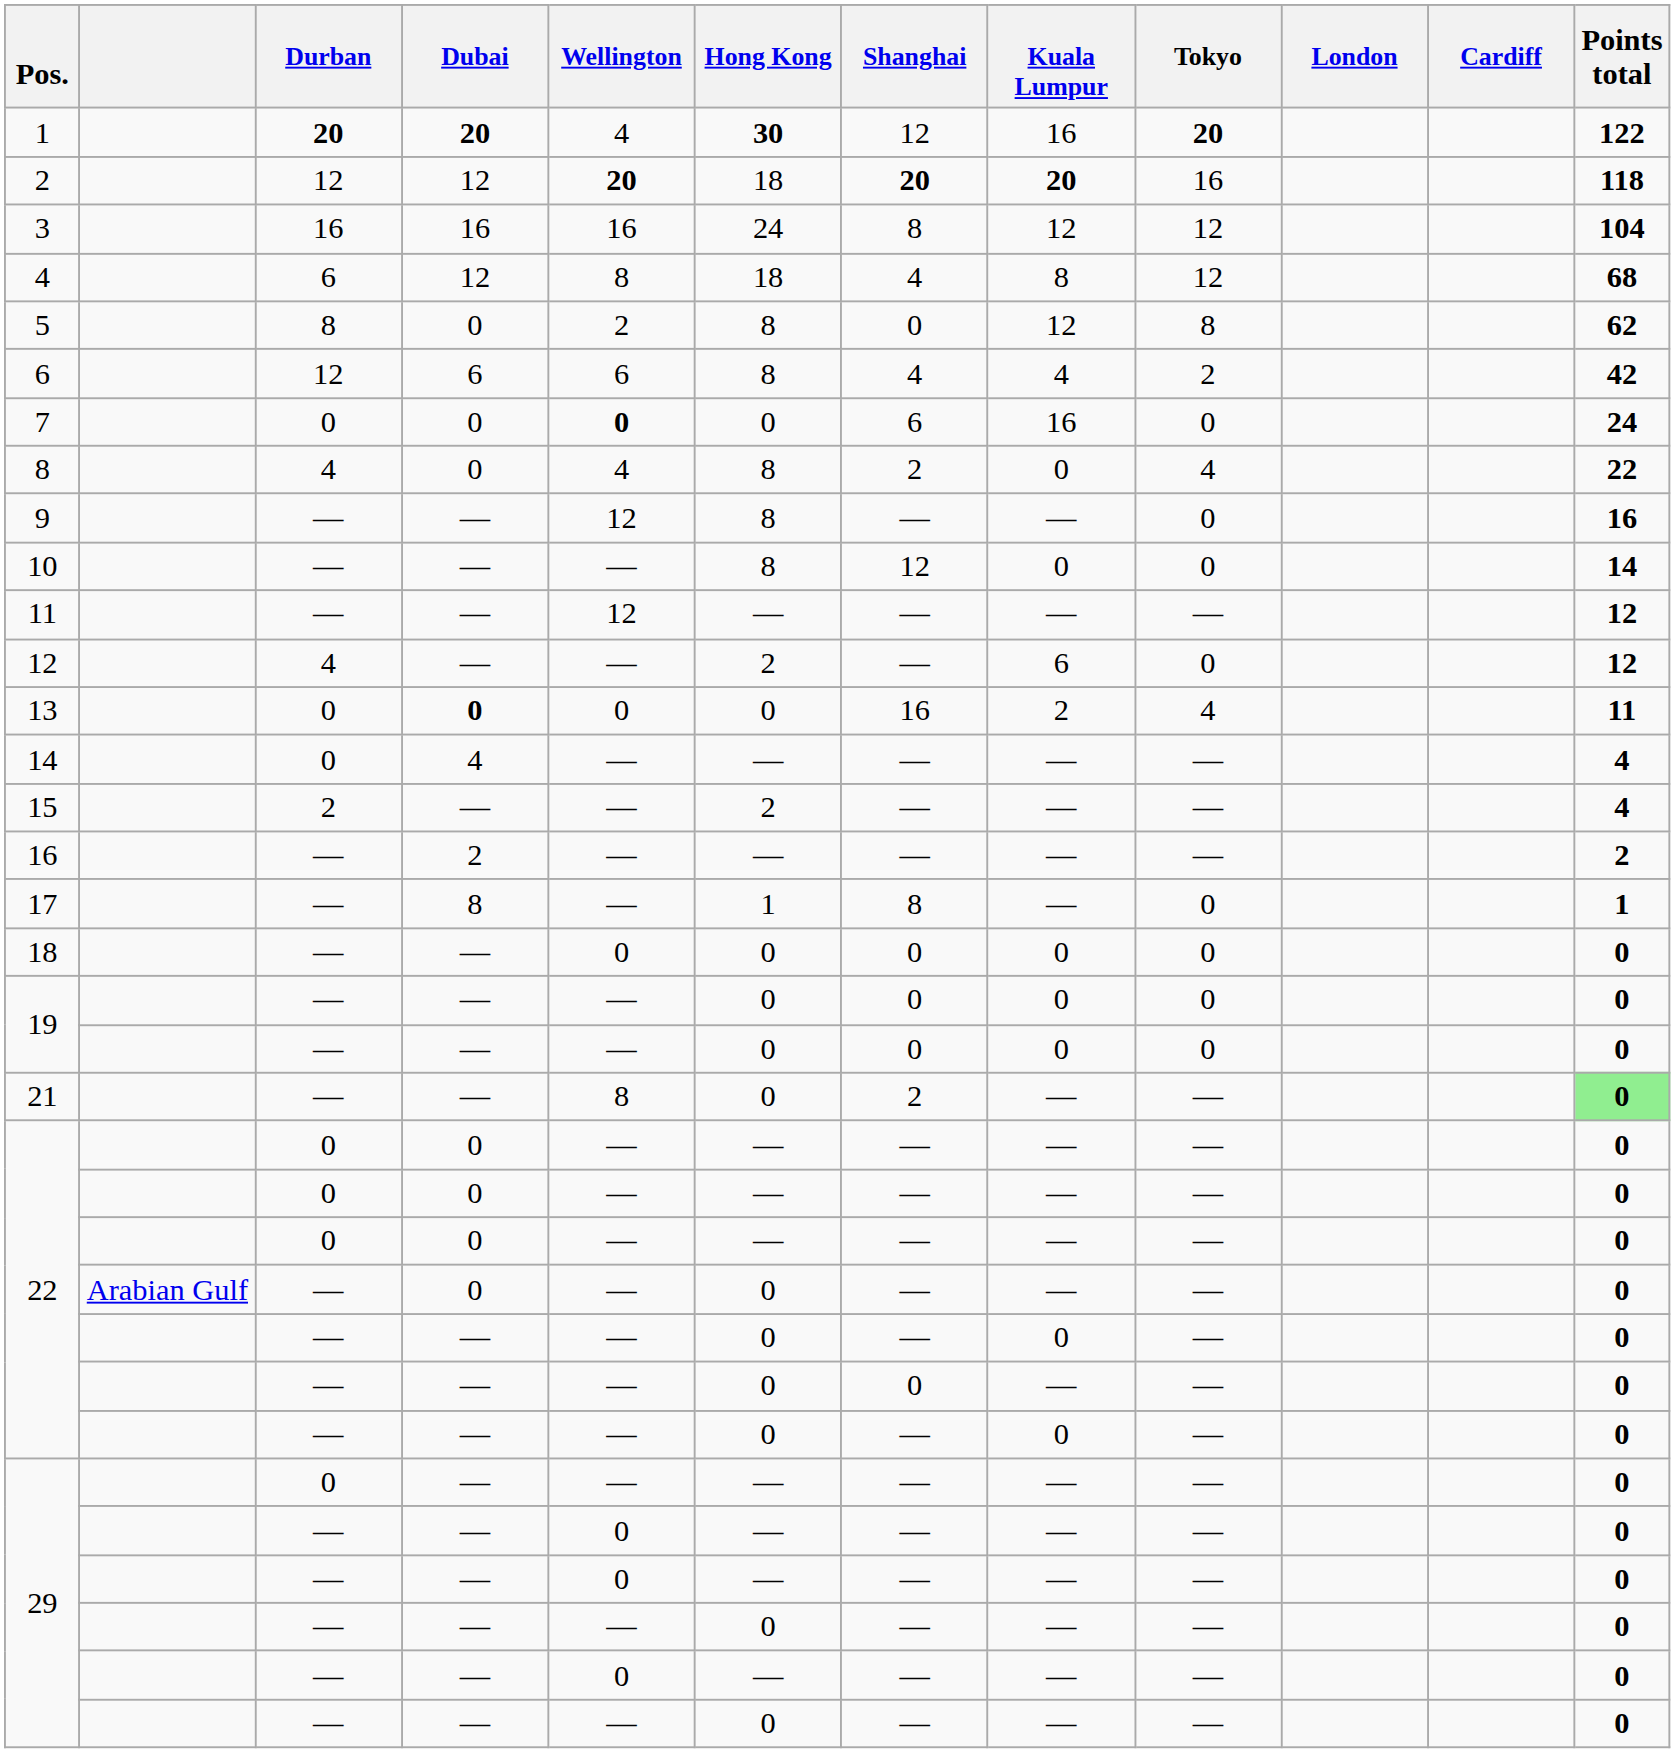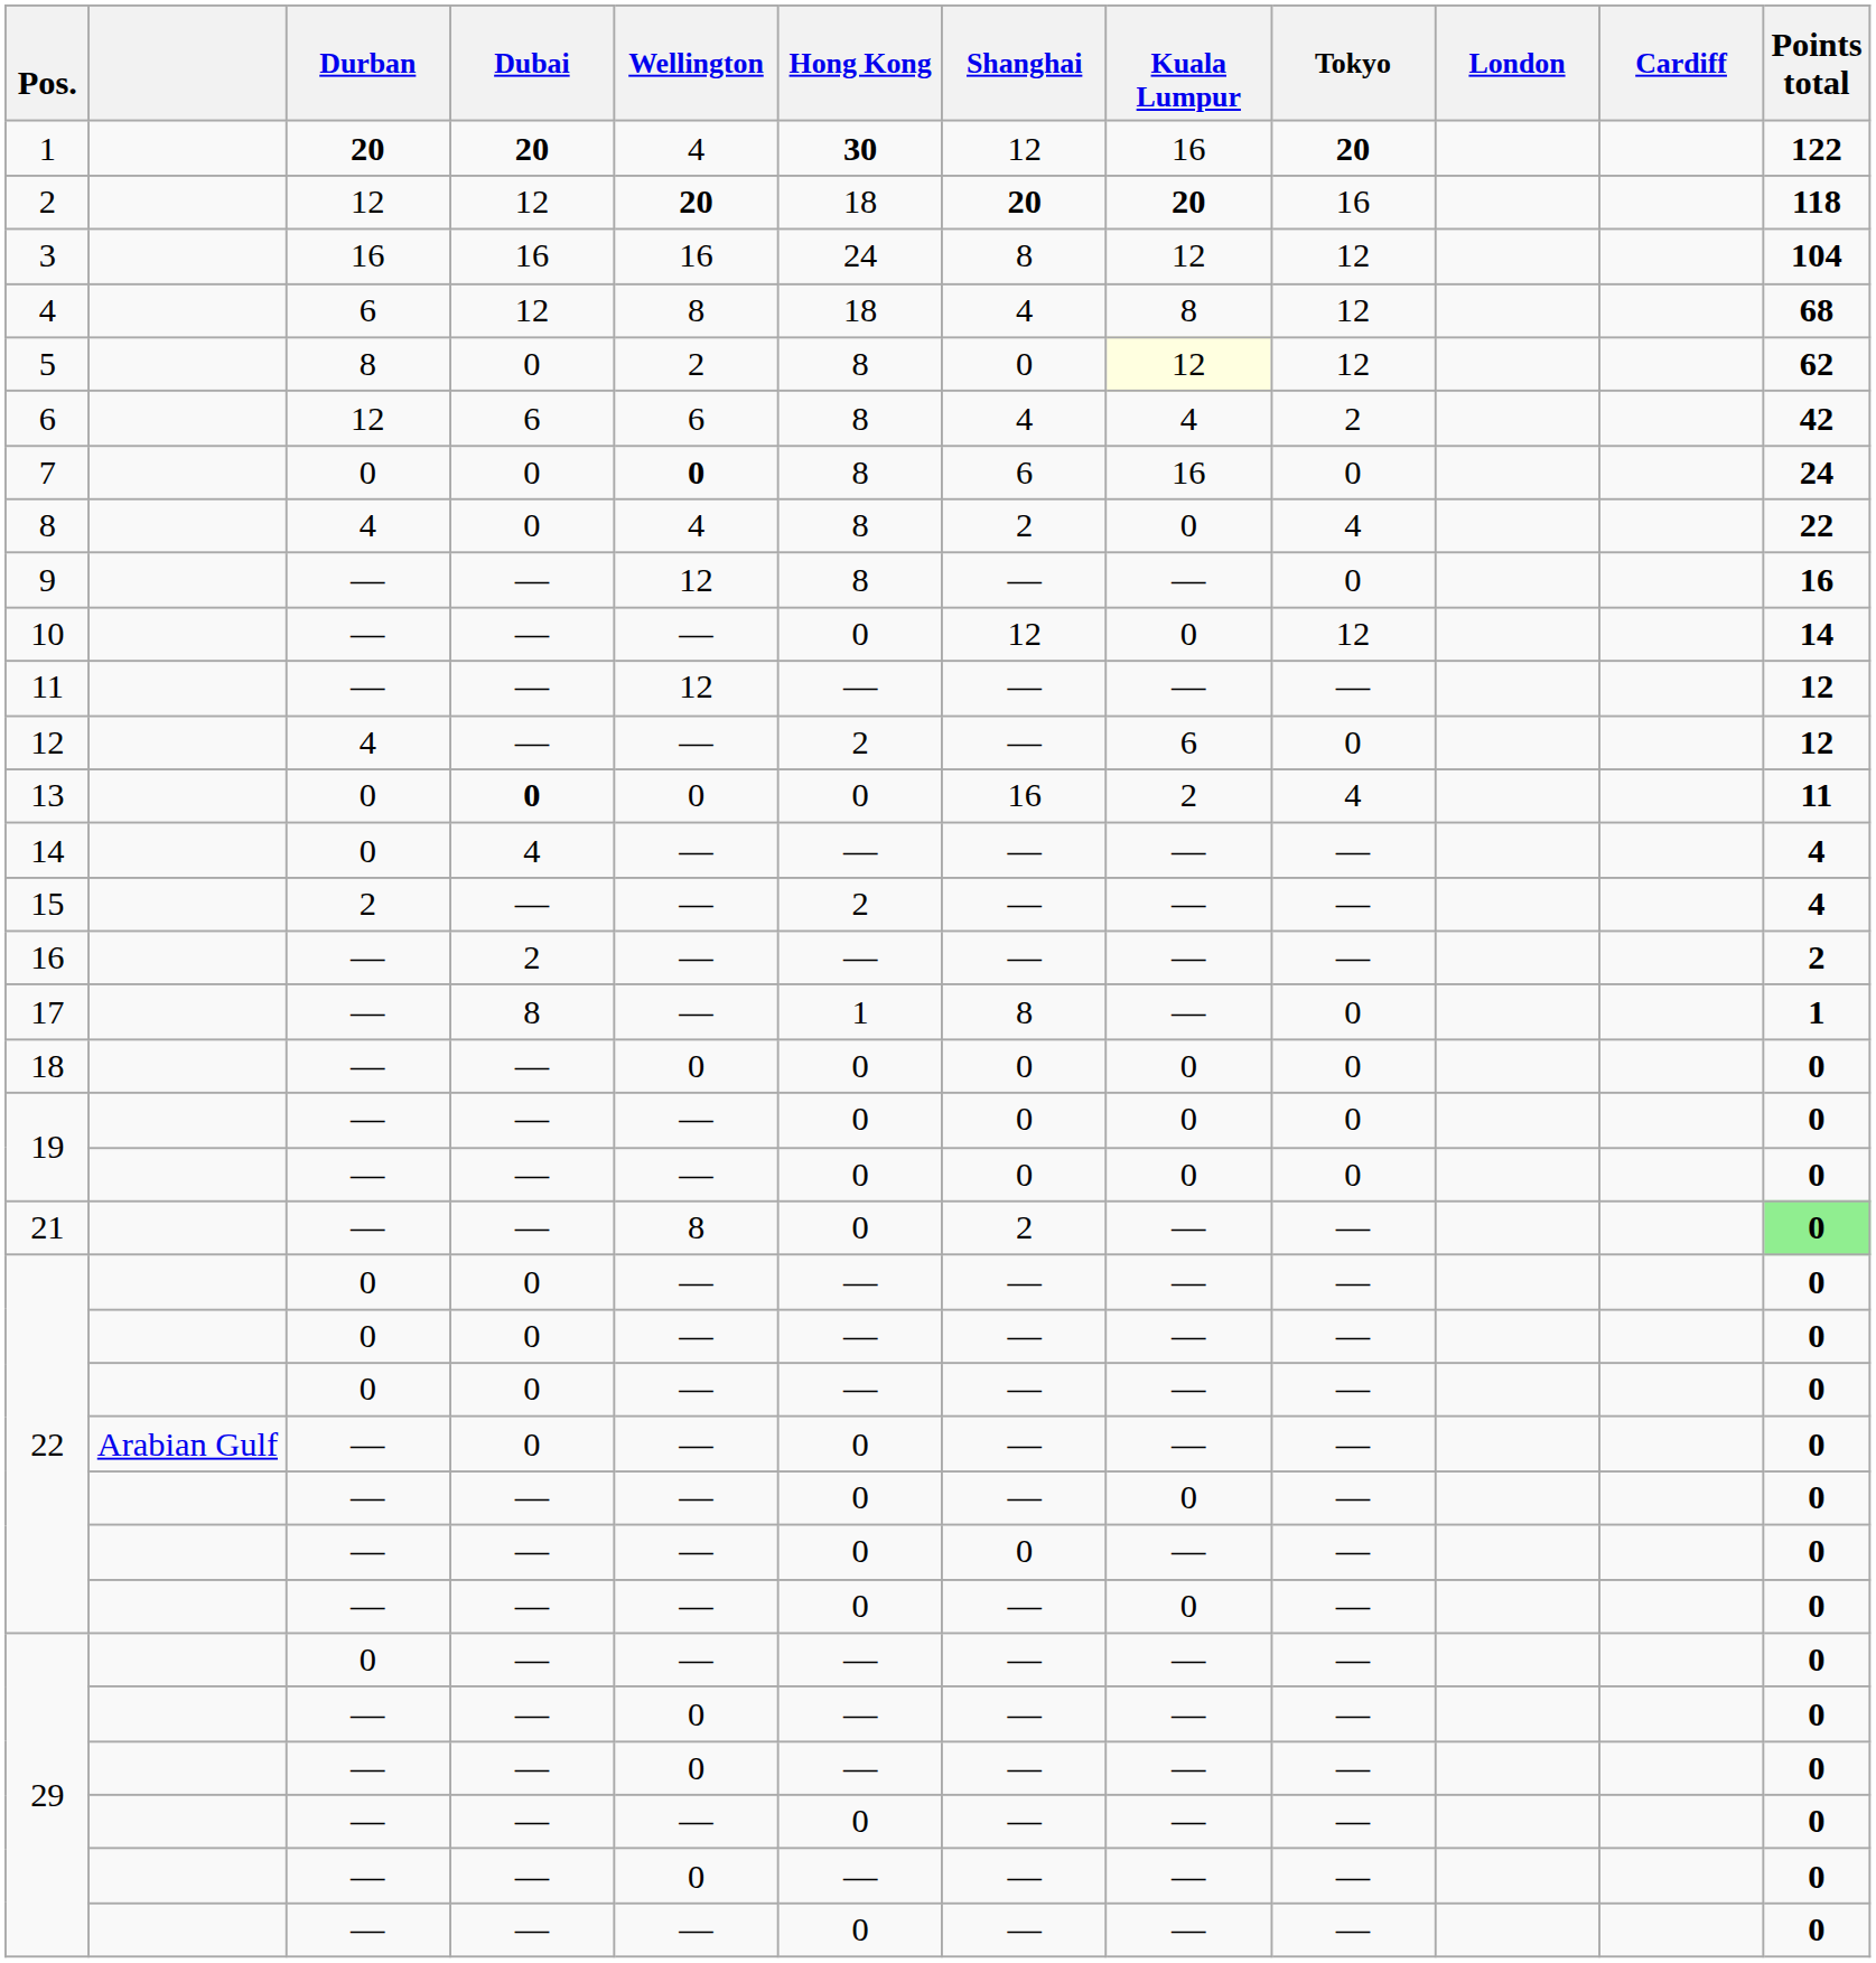 <table class="wikitable" style="text-align:center;">
 <tr>
 <th style="width:2em;"><br>Pos.</th>
 <th></th>
 <th style="width:5.2em; vertical-align:top; font-size:85%;"><br><a href='#'>Durban</a></th>
 <th style="width:5.2em; vertical-align:top; font-size:85%;"><br><a href='#'>Dubai</a></th>
 <th style="width:5.2em; vertical-align:top; font-size:85%;"><br><a href='#'>Wellington</a></th>
 <th style="width:5.2em; vertical-align:top; font-size:85%;"><br><a href='#'>Hong Kong</a></th>
 <th style="width:5.2em; vertical-align:top; font-size:85%;"><br><a href='#'>Shanghai</a></th>
 <th style="width:5.2em; vertical-align:top; font-size:85%;"><br><a href='#'>Kuala Lumpur</a></th>
 <th style="width:5.2em; vertical-align:top; font-size:85%;"><br>Tokyo</th>
 <th style="width:5.2em; vertical-align:top; font-size:85%;"><br><a href='#'>London</a></th>
 <th style="width:5.2em; vertical-align:top; font-size:85%;"><br><a href='#'>Cardiff</a></th>
 <th>Points<br>total</th>
 </tr>
 <tr>
 <td>1</td>
 <td align=left></td>
 <td><strong>20</strong></td>
 <td><strong>20</strong></td>
 <td>4</td>
 <td><strong>30</strong></td>
 <td>12</td>
 <td>16</td>
 <td><strong>20</strong></td>
 <td></td>
 <td></td>
 <td><strong>122</strong></td>
 </tr>
 <tr>
 <td>2</td>
 <td align=left></td>
 <td>12</td>
 <td>12</td>
 <td><strong>20</strong></td>
 <td>18</td>
 <td><strong>20</strong></td>
 <td><strong>20</strong></td>
 <td>16</td>
 <td></td>
 <td></td>
 <td><strong>118</strong></td>
 </tr>
 <tr>
 <td>3</td>
 <td align=left></td>
 <td>16</td>
 <td>16</td>
 <td>16</td>
 <td>24</td>
 <td>8</td>
 <td>12</td>
 <td>12</td>
 <td></td>
 <td></td>
 <td><strong>104</strong></td>
 </tr>
 <tr>
 <td>4</td>
 <td align=left></td>
 <td>6</td>
 <td>12</td>
 <td>8</td>
 <td>18</td>
 <td>4</td>
 <td>8</td>
 <td>12</td>
 <td></td>
 <td></td>
 <td><strong>68</strong></td>
 </tr>
 <tr>
 <td>5</td>
 <td align=left></td>
 <td>8</td>
 <td>0</td>
 <td>2</td>
 <td>8</td>
 <td>0</td>
+<td style="background: lightyellow;">12</td>
 <td>12</td>
-<td>8</td>
 <td></td>
 <td></td>
 <td><strong>62</strong></td>
 </tr>
 <tr>
 <td>6</td>
 <td align=left></td>
 <td>12</td>
 <td>6</td>
 <td>6</td>
 <td>8</td>
 <td>4</td>
 <td>4</td>
 <td>2</td>
 <td></td>
 <td></td>
 <td><strong>42</strong></td>
 </tr>
 <tr>
 <td>7</td>
 <td align=left></td>
 <td>0</td>
 <td>0</td>
 <td><strong>0</strong></td>
-<td>0</td>
+<td>8</td>
 <td>6</td>
 <td>16</td>
 <td>0</td>
 <td></td>
 <td></td>
 <td><strong>24</strong></td>
 </tr>
 <tr>
 <td>8</td>
 <td align=left></td>
 <td>4</td>
 <td>0</td>
 <td>4</td>
 <td>8</td>
 <td>2</td>
 <td>0</td>
 <td>4</td>
 <td></td>
 <td></td>
 <td><strong>22</strong></td>
 </tr>
 <tr>
 <td>9</td>
 <td align=left></td>
 <td>—</td>
 <td>—</td>
 <td>12</td>
 <td>8</td>
 <td>—</td>
 <td>—</td>
 <td>0</td>
 <td></td>
 <td></td>
 <td><strong>16</strong></td>
 </tr>
 <tr>
 <td>10</td>
 <td align=left></td>
 <td>—</td>
 <td>—</td>
 <td>—</td>
-<td>8</td>
+<td>0</td>
 <td>12</td>
 <td>0</td>
-<td>0</td>
+<td>12</td>
 <td></td>
 <td></td>
 <td><strong>14</strong></td>
 </tr>
 <tr>
 <td>11</td>
 <td align=left></td>
 <td>—</td>
 <td>—</td>
 <td>12</td>
 <td>—</td>
 <td>—</td>
 <td>—</td>
 <td>—</td>
 <td></td>
 <td></td>
 <td><strong>12</strong></td>
 </tr>
 <tr>
 <td>12</td>
 <td align=left></td>
 <td>4</td>
 <td>—</td>
 <td>—</td>
 <td>2</td>
 <td>—</td>
 <td>6</td>
 <td>0</td>
 <td></td>
 <td></td>
 <td><strong>12</strong></td>
 </tr>
 <tr>
 <td>13</td>
 <td align=left></td>
 <td>0</td>
 <td><strong>0</strong></td>
 <td>0</td>
 <td>0</td>
 <td>16</td>
 <td>2</td>
 <td>4</td>
 <td></td>
 <td></td>
 <td><strong>11</strong></td>
 </tr>
 <tr>
 <td>14</td>
 <td align=left></td>
 <td>0</td>
 <td>4</td>
 <td>—</td>
 <td>—</td>
 <td>—</td>
 <td>—</td>
 <td>—</td>
 <td></td>
 <td></td>
 <td><strong>4</strong></td>
 </tr>
 <tr>
 <td>15</td>
 <td align=left></td>
 <td>2</td>
 <td>—</td>
 <td>—</td>
 <td>2</td>
 <td>—</td>
 <td>—</td>
 <td>—</td>
 <td></td>
 <td></td>
 <td><strong>4</strong></td>
 </tr>
 <tr>
 <td>16</td>
 <td align=left></td>
 <td>—</td>
 <td>2</td>
 <td>—</td>
 <td>—</td>
 <td>—</td>
 <td>—</td>
 <td>—</td>
 <td></td>
 <td></td>
 <td><strong>2</strong></td>
 </tr>
 <tr>
 <td>17</td>
 <td align=left></td>
 <td>—</td>
 <td>8</td>
 <td>—</td>
 <td>1</td>
 <td>8</td>
 <td>—</td>
 <td>0</td>
 <td></td>
 <td></td>
 <td><strong>1</strong></td>
 </tr>
 <tr>
 <td>18</td>
 <td align=left></td>
 <td>—</td>
 <td>—</td>
 <td>0</td>
 <td>0</td>
 <td>0</td>
 <td>0</td>
 <td>0</td>
 <td></td>
 <td></td>
 <td><strong>0</strong></td>
 </tr>
 <tr>
 <td rowspan=2>19</td>
 <td align=left></td>
 <td>—</td>
 <td>—</td>
 <td>—</td>
 <td>0</td>
 <td>0</td>
 <td>0</td>
 <td>0</td>
 <td></td>
 <td></td>
 <td><strong>0</strong></td>
 </tr>
 <tr>
 <td align=left></td>
 <td>—</td>
 <td>—</td>
 <td>—</td>
 <td>0</td>
 <td>0</td>
 <td>0</td>
 <td>0</td>
 <td></td>
 <td></td>
 <td><strong>0</strong></td>
 </tr>
 <tr>
 <td>21</td>
 <td align=left></td>
 <td>—</td>
 <td>—</td>
 <td>8</td>
 <td>0</td>
 <td>2</td>
 <td>—</td>
 <td>—</td>
 <td></td>
 <td></td>
 <td style="background: lightgreen;"><strong>0</strong></td>
 </tr>
 <tr>
 <td rowspan=7>22</td>
 <td align=left></td>
 <td>0</td>
 <td>0</td>
 <td>—</td>
 <td>—</td>
 <td>—</td>
 <td>—</td>
 <td>—</td>
 <td></td>
 <td></td>
 <td><strong>0</strong></td>
 </tr>
 <tr>
 <td align=left></td>
 <td>0</td>
 <td>0</td>
 <td>—</td>
 <td>—</td>
 <td>—</td>
 <td>—</td>
 <td>—</td>
 <td></td>
 <td></td>
 <td><strong>0</strong></td>
 </tr>
 <tr>
 <td align=left></td>
 <td>0</td>
 <td>0</td>
 <td>—</td>
 <td>—</td>
 <td>—</td>
 <td>—</td>
 <td>—</td>
 <td></td>
 <td></td>
 <td><strong>0</strong></td>
 </tr>
 <tr>
 <td align=left> <a href='#'>Arabian Gulf</a></td>
 <td>—</td>
 <td>0</td>
 <td>—</td>
 <td>0</td>
 <td>—</td>
 <td>—</td>
 <td>—</td>
 <td></td>
 <td></td>
 <td><strong>0</strong></td>
 </tr>
 <tr>
 <td align=left></td>
 <td>—</td>
 <td>—</td>
 <td>—</td>
 <td>0</td>
 <td>—</td>
 <td>0</td>
 <td>—</td>
 <td></td>
 <td></td>
 <td><strong>0</strong></td>
 </tr>
 <tr>
 <td align=left></td>
 <td>—</td>
 <td>—</td>
 <td>—</td>
 <td>0</td>
 <td>0</td>
 <td>—</td>
 <td>—</td>
 <td></td>
 <td></td>
 <td><strong>0</strong></td>
 </tr>
 <tr>
 <td align=left></td>
 <td>—</td>
 <td>—</td>
 <td>—</td>
 <td>0</td>
 <td>—</td>
 <td>0</td>
 <td>—</td>
 <td></td>
 <td></td>
 <td><strong>0</strong></td>
 </tr>
 <tr>
 <td rowspan=6>29</td>
 <td align=left></td>
 <td>0</td>
 <td>—</td>
 <td>—</td>
 <td>—</td>
 <td>—</td>
 <td>—</td>
 <td>—</td>
 <td></td>
 <td></td>
 <td><strong>0</strong></td>
 </tr>
 <tr>
 <td align=left></td>
 <td>—</td>
 <td>—</td>
 <td>0</td>
 <td>—</td>
 <td>—</td>
 <td>—</td>
 <td>—</td>
 <td></td>
 <td></td>
 <td><strong>0</strong></td>
 </tr>
 <tr>
 <td align=left></td>
 <td>—</td>
 <td>—</td>
 <td>0</td>
 <td>—</td>
 <td>—</td>
 <td>—</td>
 <td>—</td>
 <td></td>
 <td></td>
 <td><strong>0</strong></td>
 </tr>
 <tr>
 <td align=left></td>
 <td>—</td>
 <td>—</td>
 <td>—</td>
 <td>0</td>
 <td>—</td>
 <td>—</td>
 <td>—</td>
 <td></td>
 <td></td>
 <td><strong>0</strong></td>
 </tr>
 <tr>
 <td align=left></td>
 <td>—</td>
 <td>—</td>
 <td>0</td>
 <td>—</td>
 <td>—</td>
 <td>—</td>
 <td>—</td>
 <td></td>
 <td></td>
 <td><strong>0</strong></td>
 </tr>
 <tr>
 <td align=left></td>
 <td>—</td>
 <td>—</td>
 <td>—</td>
 <td>0</td>
 <td>—</td>
 <td>—</td>
 <td>—</td>
 <td></td>
 <td></td>
 <td><strong>0</strong></td>
 </tr>
 </table>
